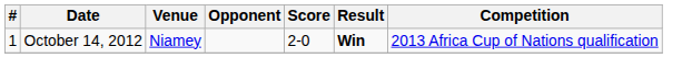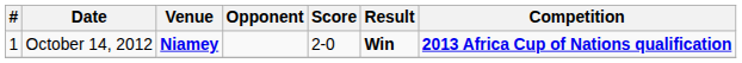 <table class="wikitable">
 <tr>
 <th>#</th>
 <th>Date</th>
 <th>Venue</th>
 <th>Opponent</th>
 <th>Score</th>
 <th>Result</th>
 <th>Competition</th>
 </tr>
 <tr>
 <td>1</td>
 <td>October 14, 2012</td>
-<td><a href='#'>Niamey</a></td>
+<td><strong><a href='#'>Niamey</a></strong></td>
 <td></td>
 <td>2-0</td>
 <td><strong>Win</strong></td>
-<td><a href='#'>2013 Africa Cup of Nations qualification</a></td>
+<td><strong><a href='#'>2013 Africa Cup of Nations qualification</a></strong></td>
 </tr>
 <tr>
 </tr>
 </table>
